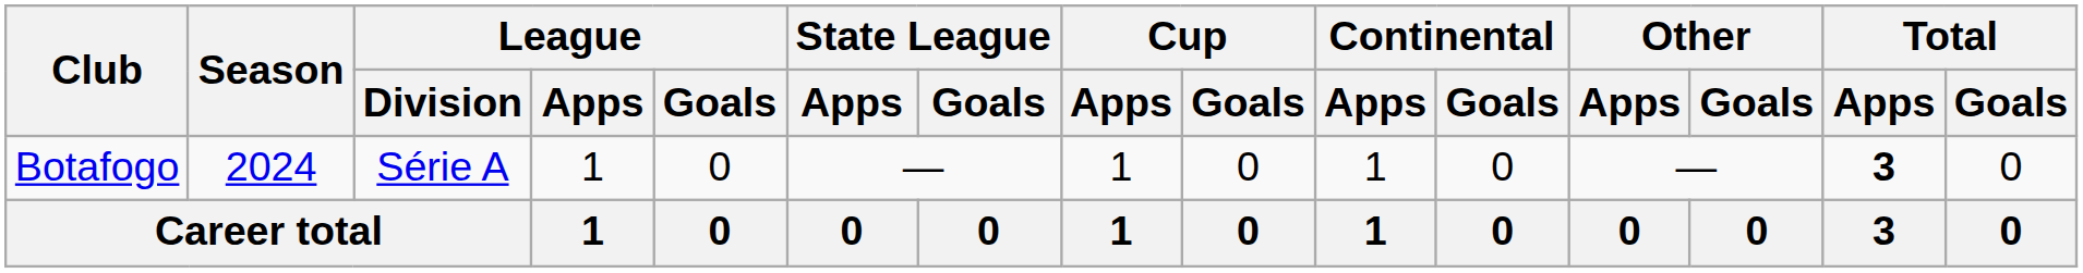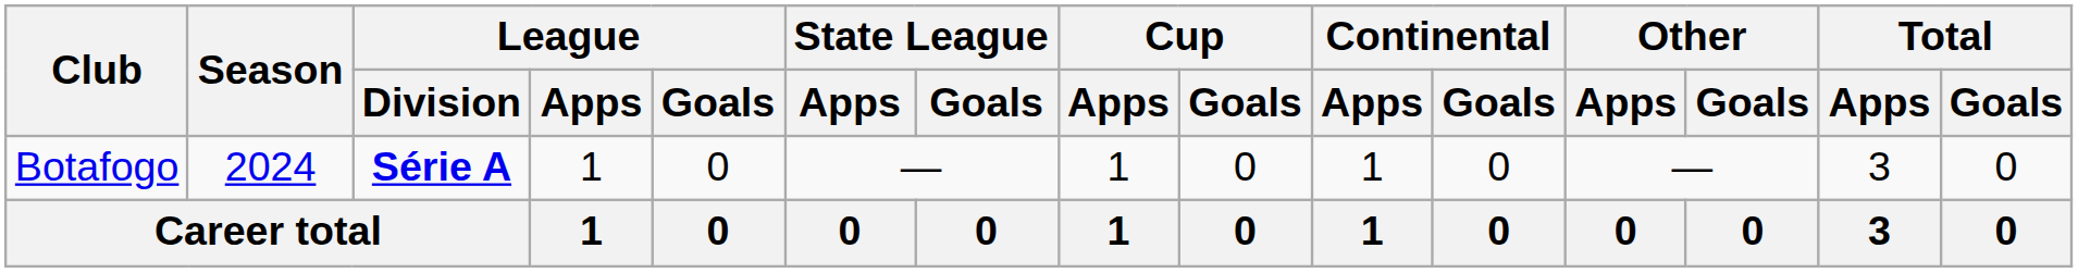 <table class="wikitable" style="text-align: center">
 <tr>
 <th rowspan="2">Club</th>
 <th rowspan="2">Season</th>
 <th colspan="3">League</th>
 <th colspan="2">State League</th>
 <th colspan="2">Cup</th>
 <th colspan="2">Continental</th>
 <th colspan="2">Other</th>
 <th colspan="2">Total</th>
 </tr>
 <tr>
 <th>Division</th>
 <th>Apps</th>
 <th>Goals</th>
 <th>Apps</th>
 <th>Goals</th>
 <th>Apps</th>
 <th>Goals</th>
 <th>Apps</th>
 <th>Goals</th>
 <th>Apps</th>
 <th>Goals</th>
 <th>Apps</th>
 <th>Goals</th>
 </tr>
 <tr>
 <td><a href='#'>Botafogo</a></td>
 <td><a href='#'>2024</a></td>
-<td><a href='#'>Série A</a></td>
+<td><strong><a href='#'>Série A</a></strong></td>
 <td>1</td>
 <td>0</td>
 <td colspan="2">—</td>
 <td>1</td>
 <td>0</td>
 <td>1</td>
 <td>0</td>
 <td colspan="2">—</td>
-<td><strong>3</strong></td>
+<td>3</td>
 <td>0</td>
 </tr>
 <tr>
 <th colspan="3"><strong>Career total</strong></th>
 <th>1</th>
 <th>0</th>
 <th>0</th>
 <th>0</th>
 <th>1</th>
 <th>0</th>
 <th>1</th>
 <th>0</th>
 <th>0</th>
 <th>0</th>
 <th>3</th>
 <th>0</th>
 </tr>
 </table>
